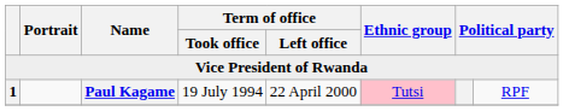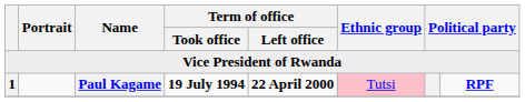 <table class="wikitable" style="text-align:center">
 <tr>
 <th rowspan="2"></th>
 <th rowspan="2">Portrait</th>
 <th rowspan="2">Name<br></th>
 <th colspan="2">Term of office</th>
 <th rowspan="2"><a href='#'>Ethnic group</a></th>
 <th colspan="2" rowspan="2"><a href='#'>Political party</a></th>
 </tr>
 <tr>
 <th>Took office</th>
 <th>Left office</th>
 </tr>
 <tr bgcolor="#EEEEEE">
 <td colspan="8" align="center"><strong>Vice President of Rwanda</strong></td>
 </tr>
 <tr>
 <th rowspan="1">1</th>
 <td rowspan="1"></td>
 <th rowspan="1"><a href='#'>Paul Kagame</a> <br> </th>
-<td rowspan="1">19 July 1994</td>
-<td rowspan="1">22 April 2000</td>
+<td rowspan="1"><strong>19 July 1994</strong></td>
+<td rowspan="1"><strong>22 April 2000</strong></td>
 <td rowspan="1" style="background: pink;"><a href='#'>Tutsi</a></td>
 <th rowspan="1" style="background: "></th>
-<td rowspan="1"><a href='#'>RPF</a></td>
+<td rowspan="1"><strong><a href='#'>RPF</a></strong></td>
 </tr>
 <tr>
 </tr>
 </table>
